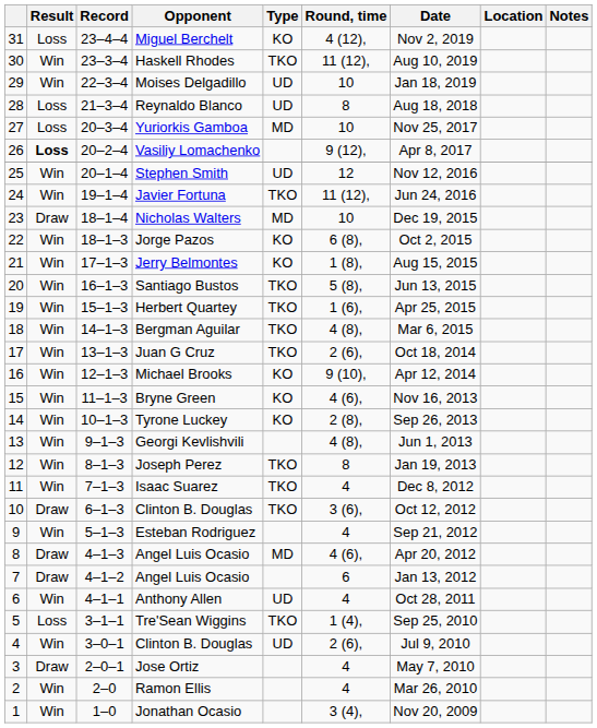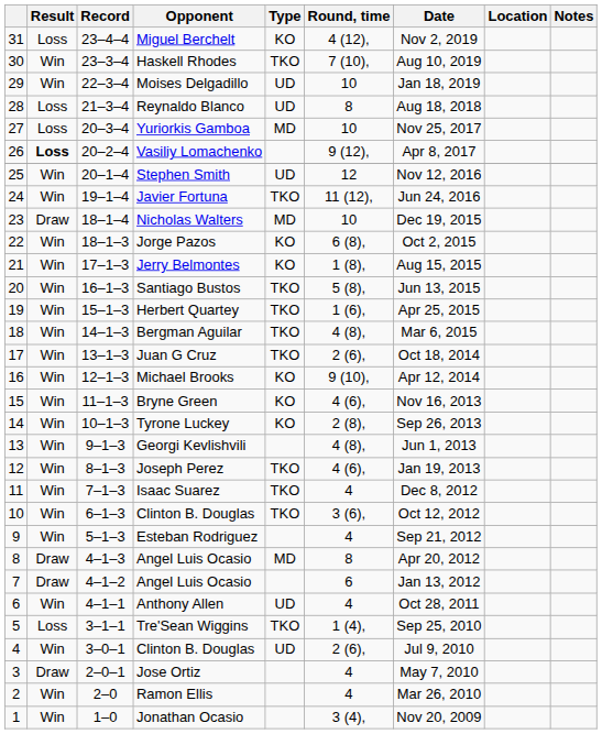 <table class="wikitable" style="text-align:center">
 <tr>
 <th></th>
 <th>Result</th>
 <th>Record</th>
 <th>Opponent</th>
 <th>Type</th>
 <th>Round, time</th>
 <th>Date</th>
 <th>Location</th>
 <th>Notes</th>
 </tr>
 <tr>
 <td>31</td>
 <td>Loss</td>
 <td>23–4–4</td>
 <td style="text-align:left;"><a href='#'>Miguel Berchelt</a></td>
 <td>KO</td>
 <td>4 (12), </td>
 <td>Nov 2, 2019</td>
 <td style="text-align:left;"></td>
 <td style="text-align:left;"></td>
 </tr>
 <tr>
 <td>30</td>
 <td>Win</td>
 <td>23–3–4</td>
 <td style="text-align:left;">Haskell Rhodes</td>
 <td>TKO</td>
-<td>11 (12), </td>
+<td>7 (10), </td>
 <td>Aug 10, 2019</td>
 <td style="text-align:left;"></td>
 <td style="text-align:left;"></td>
 </tr>
 <tr>
 <td>29</td>
 <td>Win</td>
 <td>22–3–4</td>
 <td style="text-align:left;">Moises Delgadillo</td>
 <td>UD</td>
 <td>10</td>
 <td>Jan 18, 2019</td>
 <td style="text-align:left;"></td>
 <td style="text-align:left;"></td>
 </tr>
 <tr>
 <td>28</td>
 <td>Loss</td>
 <td>21–3–4</td>
 <td style="text-align:left;">Reynaldo Blanco</td>
 <td>UD</td>
 <td>8</td>
 <td>Aug 18, 2018</td>
 <td style="text-align:left;"></td>
 <td style="text-align:left;"></td>
 </tr>
 <tr>
 <td>27</td>
 <td>Loss</td>
 <td>20–3–4</td>
 <td style="text-align:left;"><a href='#'>Yuriorkis Gamboa</a></td>
 <td>MD</td>
 <td>10</td>
 <td>Nov 25, 2017</td>
 <td style="text-align:left;"></td>
 <td style="text-align:left;"></td>
 </tr>
 <tr>
 <td>26</td>
 <td><strong>Loss</strong></td>
 <td>20–2–4</td>
 <td style="text-align:left;"><a href='#'>Vasiliy Lomachenko</a></td>
 <td></td>
 <td>9 (12), </td>
 <td>Apr 8, 2017</td>
 <td style="text-align:left;"></td>
 <td style="text-align:left;"></td>
 </tr>
 <tr>
 </tr>
 <tr>
 <td>25</td>
 <td>Win</td>
 <td>20–1–4</td>
 <td style="text-align:left;"><a href='#'>Stephen Smith</a></td>
 <td>UD</td>
 <td>12</td>
 <td>Nov 12, 2016</td>
 <td style="text-align:left;"></td>
 <td style="text-align:left;"></td>
 </tr>
 <tr>
 <td>24</td>
 <td>Win</td>
 <td>19–1–4</td>
 <td style="text-align:left;"><a href='#'>Javier Fortuna</a></td>
 <td>TKO</td>
 <td>11 (12), </td>
 <td>Jun 24, 2016</td>
 <td style="text-align:left;"></td>
 <td style="text-align:left;"></td>
 </tr>
 <tr>
 <td>23</td>
 <td>Draw</td>
 <td>18–1–4</td>
 <td style="text-align:left;"><a href='#'>Nicholas Walters</a></td>
 <td>MD</td>
 <td>10</td>
 <td>Dec 19, 2015</td>
 <td style="text-align:left;"></td>
 <td></td>
 </tr>
 <tr>
 <td>22</td>
 <td>Win</td>
 <td>18–1–3</td>
 <td style="text-align:left;">Jorge Pazos</td>
 <td>KO</td>
 <td>6 (8), </td>
 <td>Oct 2, 2015</td>
 <td style="text-align:left;"></td>
 <td></td>
 </tr>
 <tr>
 <td>21</td>
 <td>Win</td>
 <td>17–1–3</td>
 <td style="text-align:left;"><a href='#'>Jerry Belmontes</a></td>
 <td>KO</td>
 <td>1 (8), </td>
 <td>Aug 15, 2015</td>
 <td style="text-align:left;"></td>
 <td></td>
 </tr>
 <tr>
 <td>20</td>
 <td>Win</td>
 <td>16–1–3</td>
 <td style="text-align:left;">Santiago Bustos</td>
 <td>TKO</td>
 <td>5 (8), </td>
 <td>Jun 13, 2015</td>
 <td style="text-align:left;"></td>
 <td></td>
 </tr>
 <tr>
 <td>19</td>
 <td>Win</td>
 <td>15–1–3</td>
 <td style="text-align:left;">Herbert Quartey</td>
 <td>TKO</td>
 <td>1 (6), </td>
 <td>Apr 25, 2015</td>
 <td style="text-align:left;"></td>
 <td></td>
 </tr>
 <tr>
 <td>18</td>
 <td>Win</td>
 <td>14–1–3</td>
 <td style="text-align:left;">Bergman Aguilar</td>
 <td>TKO</td>
 <td>4 (8), </td>
 <td>Mar 6, 2015</td>
 <td style="text-align:left;"></td>
 <td></td>
 </tr>
 <tr>
 <td>17</td>
 <td>Win</td>
 <td>13–1–3</td>
 <td style="text-align:left;">Juan G Cruz</td>
 <td>TKO</td>
 <td>2 (6), </td>
 <td>Oct 18, 2014</td>
 <td style="text-align:left;"></td>
 <td></td>
 </tr>
 <tr>
 <td>16</td>
 <td>Win</td>
 <td>12–1–3</td>
 <td style="text-align:left;">Michael Brooks</td>
 <td>KO</td>
 <td>9 (10), </td>
 <td>Apr 12, 2014</td>
 <td style="text-align:left;"></td>
 <td></td>
 </tr>
 <tr>
 <td>15</td>
 <td>Win</td>
 <td>11–1–3</td>
 <td style="text-align:left;">Bryne Green</td>
 <td>KO</td>
 <td>4 (6), </td>
 <td>Nov 16, 2013</td>
 <td style="text-align:left;"></td>
 <td></td>
 </tr>
 <tr>
 <td>14</td>
 <td>Win</td>
 <td>10–1–3</td>
 <td style="text-align:left;">Tyrone Luckey</td>
 <td>KO</td>
 <td>2 (8), </td>
 <td>Sep 26, 2013</td>
 <td style="text-align:left;"></td>
 <td></td>
 </tr>
 <tr>
 <td>13</td>
 <td>Win</td>
 <td>9–1–3</td>
 <td style="text-align:left;">Georgi Kevlishvili</td>
 <td></td>
 <td>4 (8), </td>
 <td>Jun 1, 2013</td>
 <td style="text-align:left;"></td>
 <td></td>
 </tr>
 <tr>
 <td>12</td>
 <td>Win</td>
 <td>8–1–3</td>
 <td style="text-align:left;">Joseph Perez</td>
 <td>TKO</td>
-<td>8</td>
+<td>4 (6), </td>
 <td>Jan 19, 2013</td>
 <td style="text-align:left;"></td>
 <td></td>
 </tr>
 <tr>
 <td>11</td>
 <td>Win</td>
 <td>7–1–3</td>
 <td style="text-align:left;">Isaac Suarez</td>
 <td>TKO</td>
 <td>4</td>
 <td>Dec 8, 2012</td>
 <td style="text-align:left;"></td>
 <td></td>
 </tr>
 <tr>
 <td>10</td>
-<td>Draw</td>
+<td>Win</td>
 <td>6–1–3</td>
 <td style="text-align:left;">Clinton B. Douglas</td>
 <td>TKO</td>
 <td>3 (6), </td>
 <td>Oct 12, 2012</td>
 <td style="text-align:left;"></td>
 <td></td>
 </tr>
 <tr>
 <td>9</td>
 <td>Win</td>
 <td>5–1–3</td>
 <td style="text-align:left;">Esteban Rodriguez</td>
 <td></td>
 <td>4</td>
 <td>Sep 21, 2012</td>
 <td style="text-align:left;"></td>
 <td></td>
 </tr>
 <tr>
 <td>8</td>
 <td>Draw</td>
 <td>4–1–3</td>
 <td style="text-align:left;">Angel Luis Ocasio</td>
 <td>MD</td>
-<td>4 (6), </td>
+<td>8</td>
 <td>Apr 20, 2012</td>
 <td style="text-align:left;"></td>
 <td></td>
 </tr>
 <tr>
 <td>7</td>
 <td>Draw</td>
 <td>4–1–2</td>
 <td style="text-align:left;">Angel Luis Ocasio</td>
 <td></td>
 <td>6</td>
 <td>Jan 13, 2012</td>
 <td style="text-align:left;"></td>
 <td></td>
 </tr>
 <tr>
 <td>6</td>
 <td>Win</td>
 <td>4–1–1</td>
 <td style="text-align:left;">Anthony Allen</td>
 <td>UD</td>
 <td>4</td>
 <td>Oct 28, 2011</td>
 <td style="text-align:left;"></td>
 <td></td>
 </tr>
 <tr>
 <td>5</td>
 <td>Loss</td>
 <td>3–1–1</td>
 <td style="text-align:left;">Tre'Sean Wiggins</td>
 <td>TKO</td>
 <td>1 (4), </td>
 <td>Sep 25, 2010</td>
 <td style="text-align:left;"></td>
 <td></td>
 </tr>
 <tr>
 <td>4</td>
 <td>Win</td>
 <td>3–0–1</td>
 <td style="text-align:left;">Clinton B. Douglas</td>
 <td>UD</td>
 <td>2 (6), </td>
 <td>Jul 9, 2010</td>
 <td style="text-align:left;"></td>
 <td></td>
 </tr>
 <tr>
 <td>3</td>
 <td>Draw</td>
 <td>2–0–1</td>
 <td style="text-align:left;">Jose Ortiz</td>
 <td></td>
 <td>4</td>
 <td>May 7, 2010</td>
 <td style="text-align:left;"></td>
 <td></td>
 </tr>
 <tr>
 <td>2</td>
 <td>Win</td>
 <td>2–0</td>
 <td style="text-align:left;">Ramon Ellis</td>
 <td></td>
 <td>4</td>
 <td>Mar 26, 2010</td>
 <td style="text-align:left;"></td>
 <td></td>
 </tr>
 <tr>
 <td>1</td>
 <td>Win</td>
 <td>1–0</td>
 <td style="text-align:left;">Jonathan Ocasio</td>
 <td></td>
 <td>3 (4), </td>
 <td>Nov 20, 2009</td>
 <td style="text-align:left;"></td>
 <td style="text-align:left;"></td>
 </tr>
 </table>
